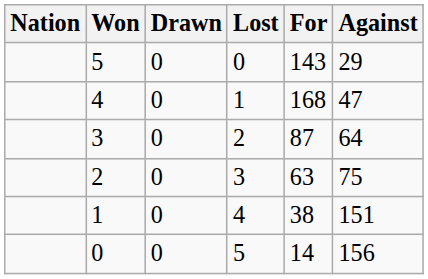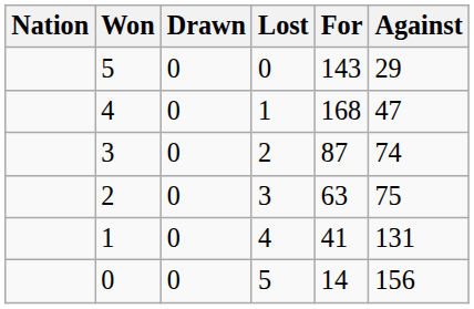 <table class="wikitable">
 <tr>
 <th>Nation</th>
 <th>Won</th>
 <th>Drawn</th>
 <th>Lost</th>
 <th>For</th>
 <th>Against</th>
 </tr>
 <tr>
 <td></td>
 <td>5</td>
 <td>0</td>
 <td>0</td>
 <td>143</td>
 <td>29</td>
 </tr>
 <tr>
 <td></td>
 <td>4</td>
 <td>0</td>
 <td>1</td>
 <td>168</td>
 <td>47</td>
 </tr>
 <tr>
 <td></td>
 <td>3</td>
 <td>0</td>
 <td>2</td>
 <td>87</td>
-<td>64</td>
+<td>74</td>
 </tr>
 <tr>
 <td></td>
 <td>2</td>
 <td>0</td>
 <td>3</td>
 <td>63</td>
 <td>75</td>
 </tr>
 <tr>
 <td></td>
 <td>1</td>
 <td>0</td>
 <td>4</td>
-<td>38</td>
-<td>151</td>
+<td>41</td>
+<td>131</td>
 </tr>
 <tr>
 <td></td>
 <td>0</td>
 <td>0</td>
 <td>5</td>
 <td>14</td>
 <td>156</td>
 </tr>
 </table>
